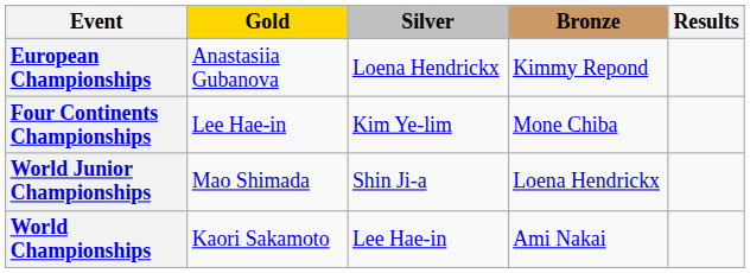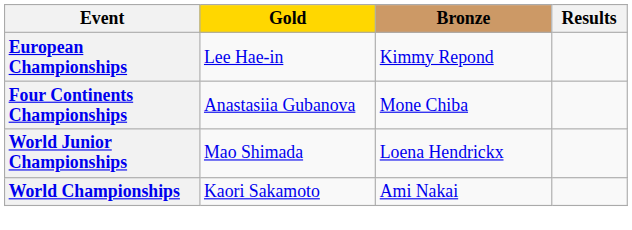 <table class="wikitable unsortable" style="text-align:left; width:90%;">
 <tr>
 <th scope="col" style="text-align:center; width:25%;">Event</th>
 <td scope="col" style="text-align:center; width:22.5%; background:gold"><strong>Gold</strong></td>
-<td scope="col" style="text-align:center; width:22.5%; background:silver"><strong>Silver</strong></td>
 <td scope="col" style="text-align:center; width:22.5%; background:#c96"><strong>Bronze</strong></td>
 <th scope="col" style="text-align:center; width:7.5%;">Results</th>
 </tr>
 <tr>
 <th scope="row" style="text-align:left"> <a href='#'>European Championships</a></th>
-<td> <a href='#'>Anastasiia Gubanova</a></td>
-<td> <a href='#'>Loena Hendrickx</a></td>
+<td> <a href='#'>Lee Hae-in</a></td>
 <td> <a href='#'>Kimmy Repond</a></td>
 <td></td>
 </tr>
 <tr>
 <th scope="row" style="text-align:left"> <a href='#'>Four Continents Championships</a></th>
-<td> <a href='#'>Lee Hae-in</a></td>
-<td> <a href='#'>Kim Ye-lim</a></td>
+<td> <a href='#'>Anastasiia Gubanova</a></td>
 <td> <a href='#'>Mone Chiba</a></td>
 <td></td>
 </tr>
 <tr>
 <th scope="row" style="text-align:left"> <a href='#'>World Junior Championships</a></th>
 <td> <a href='#'>Mao Shimada</a></td>
-<td> <a href='#'>Shin Ji-a</a></td>
 <td> <a href='#'>Loena Hendrickx</a></td>
 <td></td>
 </tr>
 <tr>
 <th scope="row" style="text-align:left"> <a href='#'>World Championships</a></th>
 <td> <a href='#'>Kaori Sakamoto</a></td>
-<td> <a href='#'>Lee Hae-in</a></td>
 <td> <a href='#'>Ami Nakai</a></td>
 <td></td>
 </tr>
 </table>
